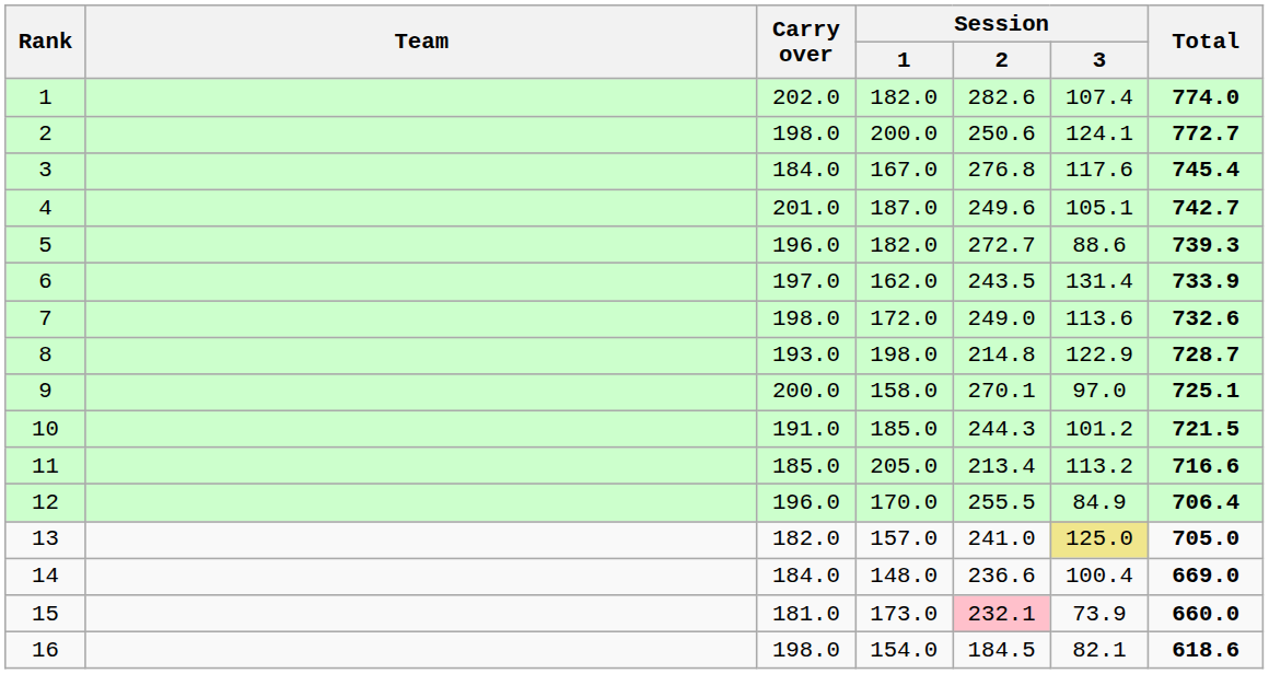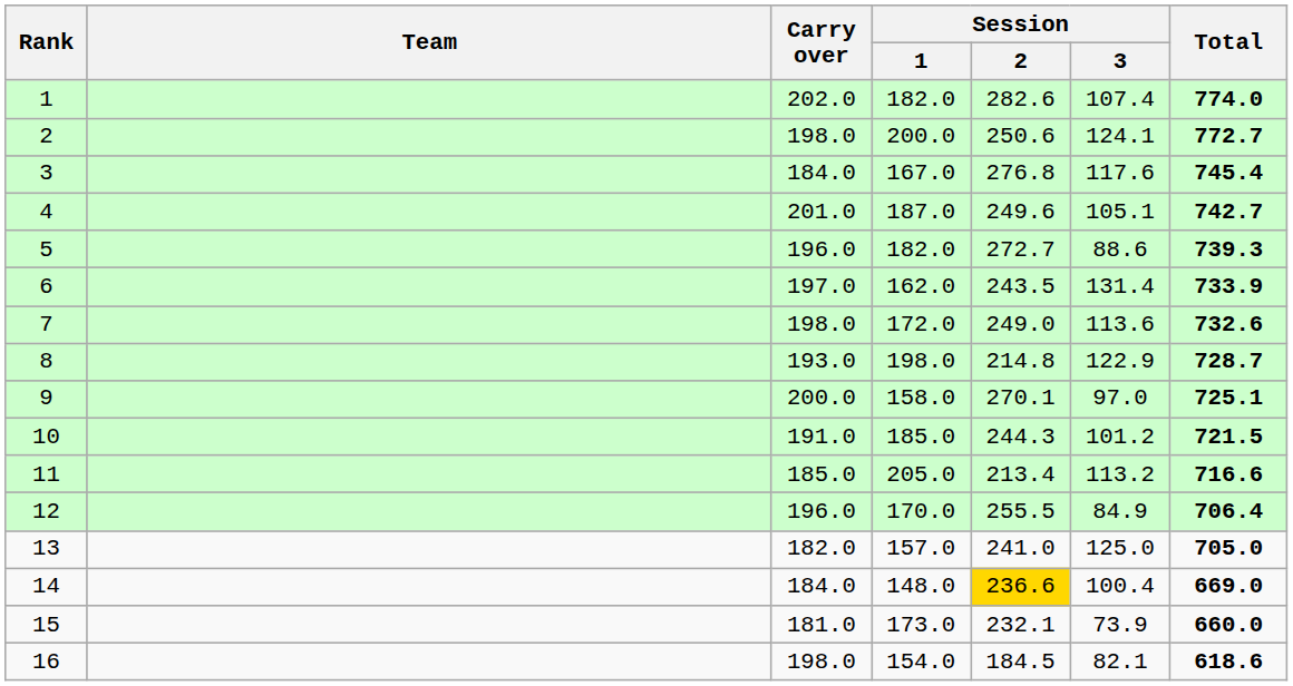 <table class=wikitable style="text-align:center">
 <tr>
 <th rowspan="2" width=40>Rank</th>
 <th rowspan="2" width=380>Team</th>
 <th rowspan=2 width=50>Carry over</th>
 <th colspan=3>Session</th>
 <th rowspan=2 width=60>Total</th>
 </tr>
 <tr>
 <th width=50>1</th>
 <th width=50>2</th>
 <th width=50>3</th>
 </tr>
 <tr bgcolor="ccffcc">
 <td>1</td>
 <td align=left></td>
 <td>202.0</td>
 <td>182.0</td>
 <td>282.6</td>
 <td>107.4</td>
 <td><strong>774.0</strong></td>
 </tr>
 <tr bgcolor="ccffcc">
 <td>2</td>
 <td align=left></td>
 <td>198.0</td>
 <td>200.0</td>
 <td>250.6</td>
 <td>124.1</td>
 <td><strong>772.7</strong></td>
 </tr>
 <tr bgcolor="ccffcc">
 <td>3</td>
 <td align=left></td>
 <td>184.0</td>
 <td>167.0</td>
 <td>276.8</td>
 <td>117.6</td>
 <td><strong>745.4</strong></td>
 </tr>
 <tr bgcolor="ccffcc">
 <td>4</td>
 <td align=left></td>
 <td>201.0</td>
 <td>187.0</td>
 <td>249.6</td>
 <td>105.1</td>
 <td><strong>742.7</strong></td>
 </tr>
 <tr bgcolor="ccffcc">
 <td>5</td>
 <td align=left></td>
 <td>196.0</td>
 <td>182.0</td>
 <td>272.7</td>
 <td>88.6</td>
 <td><strong>739.3</strong></td>
 </tr>
 <tr bgcolor="ccffcc">
 <td>6</td>
 <td align=left></td>
 <td>197.0</td>
 <td>162.0</td>
 <td>243.5</td>
 <td>131.4</td>
 <td><strong>733.9</strong></td>
 </tr>
 <tr bgcolor="ccffcc">
 <td>7</td>
 <td align=left></td>
 <td>198.0</td>
 <td>172.0</td>
 <td>249.0</td>
 <td>113.6</td>
 <td><strong>732.6</strong></td>
 </tr>
 <tr bgcolor="ccffcc">
 <td>8</td>
 <td align=left></td>
 <td>193.0</td>
 <td>198.0</td>
 <td>214.8</td>
 <td>122.9</td>
 <td><strong>728.7</strong></td>
 </tr>
 <tr bgcolor="ccffcc">
 <td>9</td>
 <td align=left></td>
 <td>200.0</td>
 <td>158.0</td>
 <td>270.1</td>
 <td>97.0</td>
 <td><strong>725.1</strong></td>
 </tr>
 <tr bgcolor="ccffcc">
 <td>10</td>
 <td align=left></td>
 <td>191.0</td>
 <td>185.0</td>
 <td>244.3</td>
 <td>101.2</td>
 <td><strong>721.5</strong></td>
 </tr>
 <tr bgcolor="ccffcc">
 <td>11</td>
 <td align=left></td>
 <td>185.0</td>
 <td>205.0</td>
 <td>213.4</td>
 <td>113.2</td>
 <td><strong>716.6</strong></td>
 </tr>
 <tr bgcolor="ccffcc">
 <td>12</td>
 <td align=left></td>
 <td>196.0</td>
 <td>170.0</td>
 <td>255.5</td>
 <td>84.9</td>
 <td><strong>706.4</strong></td>
 </tr>
 <tr>
 <td>13</td>
 <td align=left></td>
 <td>182.0</td>
 <td>157.0</td>
 <td>241.0</td>
-<td style="background: khaki;">125.0</td>
+<td>125.0</td>
 <td><strong>705.0</strong></td>
 </tr>
 <tr>
 <td>14</td>
 <td align=left></td>
 <td>184.0</td>
 <td>148.0</td>
-<td>236.6</td>
+<td style="background: gold;">236.6</td>
 <td>100.4</td>
 <td><strong>669.0</strong></td>
 </tr>
 <tr>
 <td>15</td>
 <td align=left></td>
 <td>181.0</td>
 <td>173.0</td>
-<td style="background: pink;">232.1</td>
+<td>232.1</td>
 <td>73.9</td>
 <td><strong>660.0</strong></td>
 </tr>
 <tr>
 <td>16</td>
 <td align=left></td>
 <td>198.0</td>
 <td>154.0</td>
 <td>184.5</td>
 <td>82.1</td>
 <td><strong>618.6</strong></td>
 </tr>
 </table>
